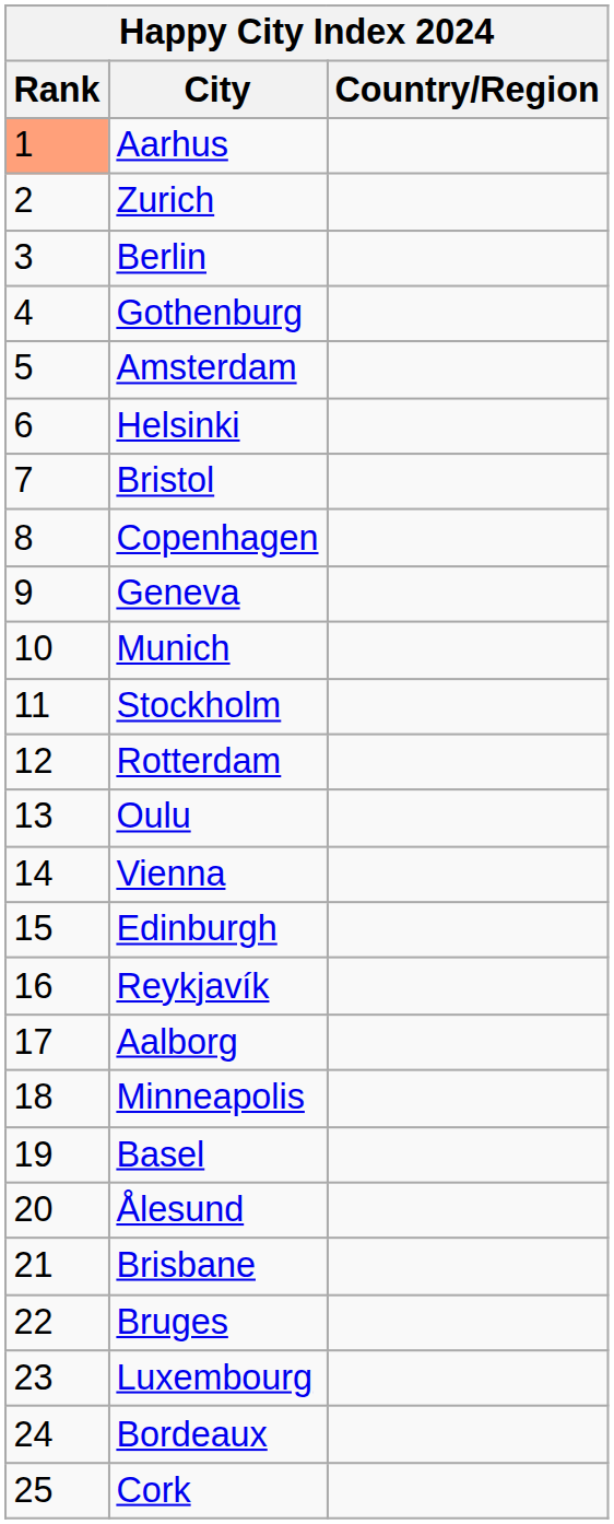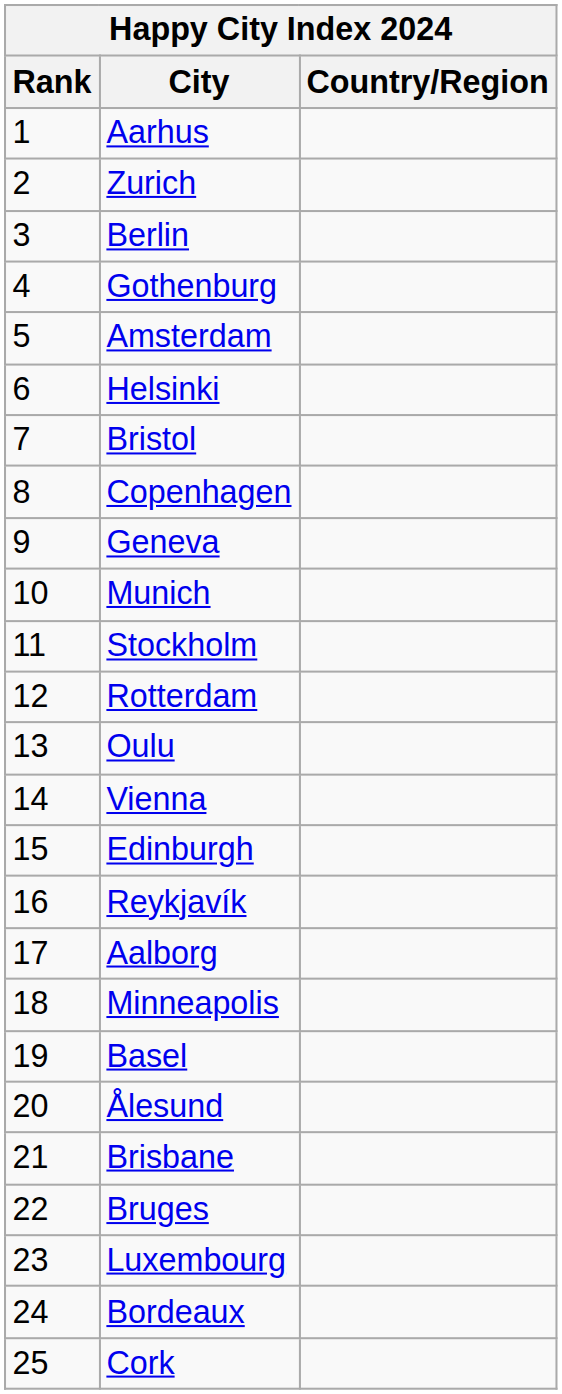 <table class="wikitable sortable">
 <tr>
 <th colspan="3">Happy City Index 2024 </th>
 </tr>
 <tr>
 <th>Rank</th>
 <th>City</th>
 <th>Country/Region</th>
 </tr>
 <tr>
-<td style="background: lightsalmon;">1</td>
+<td>1</td>
 <td><a href='#'>Aarhus</a></td>
 <td></td>
 </tr>
 <tr>
 <td>2</td>
 <td><a href='#'>Zurich</a></td>
 <td></td>
 </tr>
 <tr>
 <td>3</td>
 <td><a href='#'>Berlin</a></td>
 <td></td>
 </tr>
 <tr>
 <td>4</td>
 <td><a href='#'>Gothenburg</a></td>
 <td></td>
 </tr>
 <tr>
 <td>5</td>
 <td><a href='#'>Amsterdam</a></td>
 <td></td>
 </tr>
 <tr>
 <td>6</td>
 <td><a href='#'>Helsinki</a></td>
 <td></td>
 </tr>
 <tr>
 <td>7</td>
 <td><a href='#'>Bristol</a></td>
 <td></td>
 </tr>
 <tr>
 <td>8</td>
 <td><a href='#'>Copenhagen</a></td>
 <td></td>
 </tr>
 <tr>
 <td>9</td>
 <td><a href='#'>Geneva</a></td>
 <td></td>
 </tr>
 <tr>
 <td>10</td>
 <td><a href='#'>Munich</a></td>
 <td></td>
 </tr>
 <tr>
 <td>11</td>
 <td><a href='#'>Stockholm</a></td>
 <td></td>
 </tr>
 <tr>
 <td>12</td>
 <td><a href='#'>Rotterdam</a></td>
 <td></td>
 </tr>
 <tr>
 <td>13</td>
 <td><a href='#'>Oulu</a></td>
 <td></td>
 </tr>
 <tr>
 <td>14</td>
 <td><a href='#'>Vienna</a></td>
 <td></td>
 </tr>
 <tr>
 <td>15</td>
 <td><a href='#'>Edinburgh</a></td>
 <td></td>
 </tr>
 <tr>
 <td>16</td>
 <td><a href='#'>Reykjavík</a></td>
 <td></td>
 </tr>
 <tr>
 <td>17</td>
 <td><a href='#'>Aalborg</a></td>
 <td></td>
 </tr>
 <tr>
 <td>18</td>
 <td><a href='#'>Minneapolis</a></td>
 <td></td>
 </tr>
 <tr>
 <td>19</td>
 <td><a href='#'>Basel</a></td>
 <td></td>
 </tr>
 <tr>
 <td>20</td>
 <td><a href='#'>Ålesund</a></td>
 <td></td>
 </tr>
 <tr>
 <td>21</td>
 <td><a href='#'>Brisbane</a></td>
 <td></td>
 </tr>
 <tr>
 <td>22</td>
 <td><a href='#'>Bruges</a></td>
 <td></td>
 </tr>
 <tr>
 <td>23</td>
 <td><a href='#'>Luxembourg</a></td>
 <td></td>
 </tr>
 <tr>
 <td>24</td>
 <td><a href='#'>Bordeaux</a></td>
 <td></td>
 </tr>
 <tr>
 <td>25</td>
 <td><a href='#'>Cork</a></td>
 <td></td>
 </tr>
 </table>
